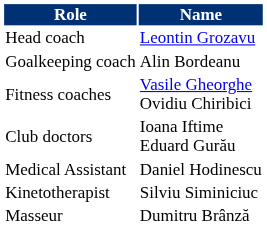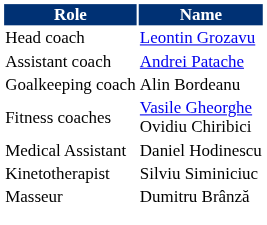 <table class="toccolours">
 <tr>
 <th style="background:#003174;color:#ffffff;">Role</th>
 <th style="background:#003174;color:#ffffff;">Name</th>
 </tr>
 <tr>
 <td>Head coach</td>
 <td> <a href='#'>Leontin Grozavu</a></td>
 </tr>
 <tr>
+<td>Assistant coach</td>
+<td> <a href='#'>Andrei Patache</a></td>
+</tr>
+<tr>
 <td>Goalkeeping coach</td>
 <td> Alin Bordeanu</td>
 </tr>
 <tr>
 <td>Fitness coaches</td>
 <td> <a href='#'>Vasile Gheorghe</a> <br>  Ovidiu Chiribici</td>
-</tr>
-<tr>
-<td>Club doctors</td>
-<td> Ioana Iftime <br>  Eduard Gurău</td>
 </tr>
 <tr>
 <td>Medical Assistant</td>
 <td> Daniel Hodinescu</td>
 </tr>
 <tr>
 <td>Kinetotherapist</td>
 <td> Silviu Siminiciuc</td>
 </tr>
 <tr>
 <td>Masseur</td>
 <td> Dumitru Brânză</td>
 </tr>
 </table>
